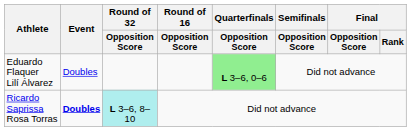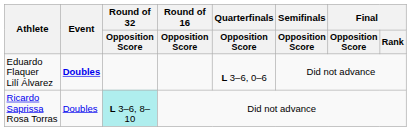 <table class=wikitable style="font-size:90%">
 <tr>
 <th rowspan=2>Athlete</th>
 <th rowspan=2>Event</th>
 <th>Round of 32</th>
 <th>Round of 16</th>
 <th>Quarterfinals</th>
 <th>Semifinals</th>
 <th colspan=2>Final</th>
 </tr>
 <tr style="font-size:95%">
 <th>Opposition<br>Score</th>
 <th>Opposition<br>Score</th>
 <th>Opposition<br>Score</th>
 <th>Opposition<br>Score</th>
 <th>Opposition<br>Score</th>
 <th>Rank</th>
 </tr>
 <tr align=center>
 <td align=left>Eduardo Flaquer <br> Lilí Álvarez</td>
-<td align=left><a href='#'>Doubles</a></td>
+<td align=left><strong><a href='#'>Doubles</a></strong></td>
 <td></td>
 <td></td>
-<td style="background: lightgreen;"> <br> <strong>L</strong> 3–6, 0–6</td>
+<td> <br> <strong>L</strong> 3–6, 0–6</td>
 <td colspan=3>Did not advance</td>
 </tr>
 <tr align=center>
 <td align=left><a href='#'>Ricardo Saprissa</a><br> Rosa Torras</td>
-<td align=left><strong><a href='#'>Doubles</a></strong></td>
+<td align=left><a href='#'>Doubles</a></td>
 <td style="background: paleturquoise;"> <br> <strong>L</strong> 3–6, 8–10</td>
 <td colspan=5>Did not advance</td>
 </tr>
 </table>
